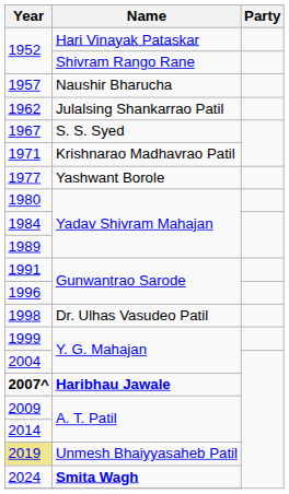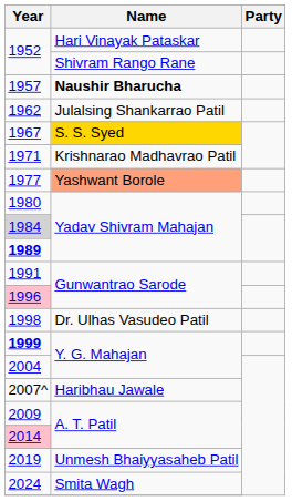 <table class="wikitable">
 <tr>
 <th>Year</th>
 <th>Name</th>
 <th colspan="2">Party</th>
 </tr>
 <tr>
 <td rowspan="2"><a href='#'>1952</a></td>
 <td><a href='#'>Hari Vinayak Pataskar</a></td>
 <td></td>
 </tr>
 <tr>
 <td><a href='#'>Shivram Rango Rane</a></td>
 </tr>
 <tr>
 <td><a href='#'>1957</a></td>
-<td>Naushir Bharucha</td>
+<td><strong>Naushir Bharucha</strong></td>
 <td></td>
 </tr>
 <tr>
 <td><a href='#'>1962</a></td>
 <td>Julalsing Shankarrao Patil</td>
 <td></td>
 </tr>
 <tr>
 <td><a href='#'>1967</a></td>
-<td>S. S. Syed</td>
+<td style="background: gold;">S. S. Syed</td>
 </tr>
 <tr>
 <td><a href='#'>1971</a></td>
 <td>Krishnarao Madhavrao Patil</td>
 </tr>
 <tr>
 <td><a href='#'>1977</a></td>
-<td>Yashwant Borole</td>
+<td style="background: lightsalmon;">Yashwant Borole</td>
 <td></td>
 </tr>
 <tr>
 <td><a href='#'>1980</a></td>
 <td rowspan="3"><a href='#'>Yadav Shivram Mahajan</a></td>
 <td></td>
 </tr>
 <tr>
-<td><a href='#'>1984</a></td>
+<td style="background: lightgrey;"><a href='#'>1984</a></td>
 </tr>
 <tr>
-<td><a href='#'>1989</a></td>
+<td><strong><a href='#'>1989</a></strong></td>
 </tr>
 <tr>
 <td><a href='#'>1991</a></td>
 <td rowspan="2"><a href='#'>Gunwantrao Sarode</a></td>
 <td></td>
 </tr>
 <tr>
-<td><a href='#'>1996</a></td>
+<td style="background: pink;"><a href='#'>1996</a></td>
 </tr>
 <tr>
 <td><a href='#'>1998</a></td>
 <td>Dr. Ulhas Vasudeo Patil</td>
 <td></td>
 </tr>
 <tr>
-<td><a href='#'>1999</a></td>
+<td><strong><a href='#'>1999</a></strong></td>
 <td rowspan="2"><a href='#'>Y. G. Mahajan</a></td>
 <td></td>
 </tr>
 <tr>
 <td><a href='#'>2004</a></td>
 </tr>
 <tr>
-<td><strong>2007^</strong></td>
-<td><strong><a href='#'>Haribhau Jawale</a></strong></td>
+<td>2007^</td>
+<td><a href='#'>Haribhau Jawale</a></td>
 </tr>
 <tr>
 <td><a href='#'>2009</a></td>
 <td rowspan="2"><a href='#'>A. T. Patil</a></td>
 </tr>
 <tr>
-<td><a href='#'>2014</a></td>
+<td style="background: pink;"><a href='#'>2014</a></td>
 </tr>
 <tr>
-<td style="background: khaki;"><a href='#'>2019</a></td>
+<td><a href='#'>2019</a></td>
 <td><a href='#'>Unmesh Bhaiyyasaheb Patil</a></td>
 </tr>
 <tr>
 <td><a href='#'>2024</a></td>
-<td><strong><a href='#'>Smita Wagh</a></strong></td>
+<td><a href='#'>Smita Wagh</a></td>
 </tr>
 <tr>
 </tr>
 </table>
